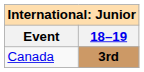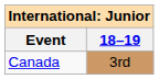 <table class="wikitable" style="text-align:center">
 <tr>
 <th style="background-color: #ffdead; " colspan=2 align=center>International: Junior</th>
 </tr>
 <tr>
 <th>Event</th>
 <th><a href='#'>18–19</a></th>
 </tr>
 <tr>
 <td align=left> <a href='#'>Canada</a></td>
-<td bgcolor=cc9966><strong>3rd</strong></td>
+<td bgcolor=cc9966>3rd</td>
 </tr>
 </table>
